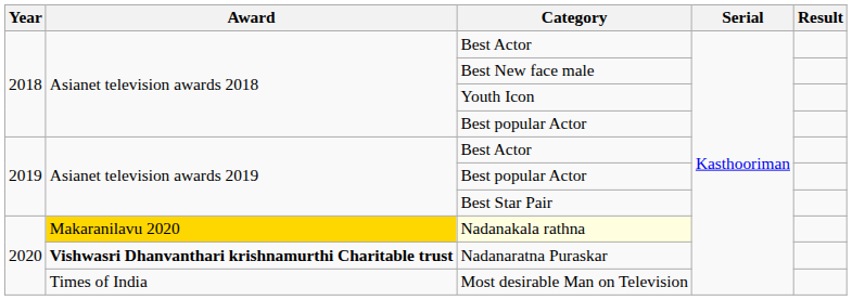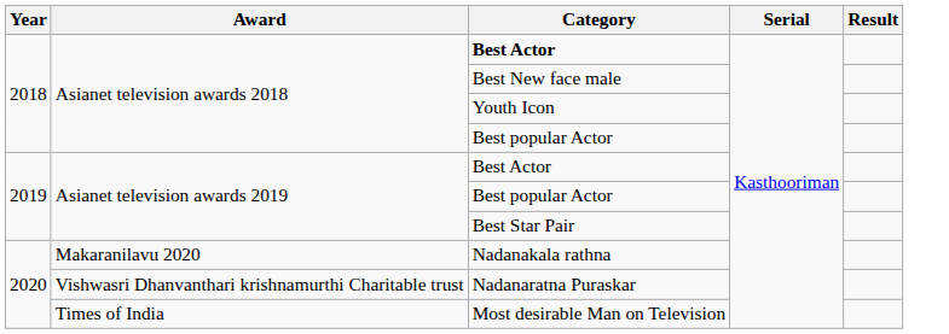 <table class="wikitable">
 <tr>
 <th>Year</th>
 <th>Award</th>
 <th>Category</th>
 <th>Serial</th>
 <th>Result</th>
 </tr>
 <tr>
 <td rowspan=4>2018</td>
 <td rowspan=4>Asianet television awards 2018</td>
-<td>Best Actor</td>
+<td><strong>Best Actor</strong></td>
 <td rowspan=10><a href='#'>Kasthooriman</a></td>
 <td></td>
 </tr>
 <tr>
 <td>Best New face male</td>
 <td></td>
 </tr>
 <tr>
 <td>Youth Icon</td>
 <td></td>
 </tr>
 <tr>
 <td>Best popular Actor</td>
 <td></td>
 </tr>
 <tr>
 <td rowspan=3>2019</td>
 <td rowspan=3>Asianet television awards 2019</td>
 <td>Best Actor</td>
 <td></td>
 </tr>
 <tr>
 <td>Best popular Actor</td>
 <td></td>
 </tr>
 <tr>
 <td>Best Star Pair</td>
 <td></td>
 </tr>
 <tr>
 <td rowspan=3>2020</td>
-<td style="background: gold;">Makaranilavu 2020</td>
-<td style="background: lightyellow;">Nadanakala rathna</td>
+<td>Makaranilavu 2020</td>
+<td>Nadanakala rathna</td>
 <td></td>
 </tr>
 <tr>
-<td><strong>Vishwasri Dhanvanthari krishnamurthi Charitable trust</strong></td>
+<td>Vishwasri Dhanvanthari krishnamurthi Charitable trust</td>
 <td>Nadanaratna Puraskar</td>
 <td></td>
 </tr>
 <tr>
 <td>Times of India</td>
 <td>Most desirable Man on Television</td>
 <td></td>
 </tr>
 </table>
